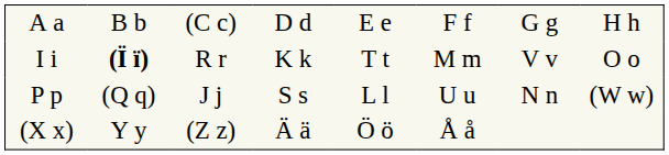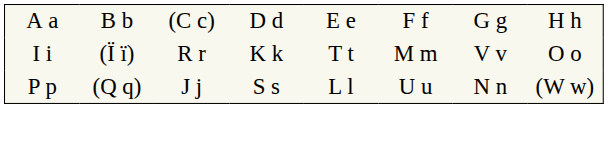 <table style="font-family:Arial Unicode MS; font-size:1.4em; border-color:#000000; border-width:1px; border-style:solid; border-collapse:collapse; background-color:#F8F8EF">
 <tr>
 <td style="width:3em; text-align:center; padding: 3px;">А а</td>
 <td style="width:3em; text-align:center; padding: 3px;">B b</td>
 <td style="width:3em; text-align:center; padding: 3px;">(C c)</td>
 <td style="width:3em; text-align:center; padding: 3px;">D d</td>
 <td style="width:3em; text-align:center; padding: 3px;">E e</td>
 <td style="width:3em; text-align:center; padding: 3px;">F f</td>
 <td style="width:3em; text-align:center; padding: 3px;">G g</td>
 <td style="width:3em; text-align:center; padding: 3px;">H h</td>
 </tr>
 <tr>
 <td style="width:3em; text-align:center; padding: 3px;">I i</td>
-<td style="width:3em; text-align:center; padding: 3px;"><strong>(Ï ï)</strong></td>
+<td style="width:3em; text-align:center; padding: 3px;">(Ï ï)</td>
 <td style="width:3em; text-align:center; padding: 3px;">R r</td>
 <td style="width:3em; text-align:center; padding: 3px;">K k</td>
 <td style="width:3em; text-align:center; padding: 3px;">T t</td>
 <td style="width:3em; text-align:center; padding: 3px;">M m</td>
 <td style="width:3em; text-align:center; padding: 3px;">V v</td>
 <td style="width:3em; text-align:center; padding: 3px;">O o</td>
 </tr>
 <tr>
 <td style="width:3em; text-align:center; padding: 3px;">P p</td>
 <td style="width:3em; text-align:center; padding: 3px;">(Q q)</td>
 <td style="width:3em; text-align:center; padding: 3px;">J j</td>
 <td style="width:3em; text-align:center; padding: 3px;">S s</td>
 <td style="width:3em; text-align:center; padding: 3px;">L l</td>
 <td style="width:3em; text-align:center; padding: 3px;">U u</td>
 <td style="width:3em; text-align:center; padding: 3px;">N n</td>
 <td style="width:3em; text-align:center; padding: 3px;">(W w)</td>
 </tr>
-<tr>
-<td style="width:3em; text-align:center; padding: 3px;">(X x)</td>
-<td style="width:3em; text-align:center; padding: 3px;">Y y</td>
-<td style="width:3em; text-align:center; padding: 3px;">(Z z)</td>
-<td style="width:3em; text-align:center; padding: 3px;">Ä ä</td>
-<td style="width:3em; text-align:center; padding: 3px;">Ö ö</td>
-<td style="width:3em; text-align:center; padding: 3px;">Å å</td>
-<td></td>
-<td></td>
-</tr>
 </table>
